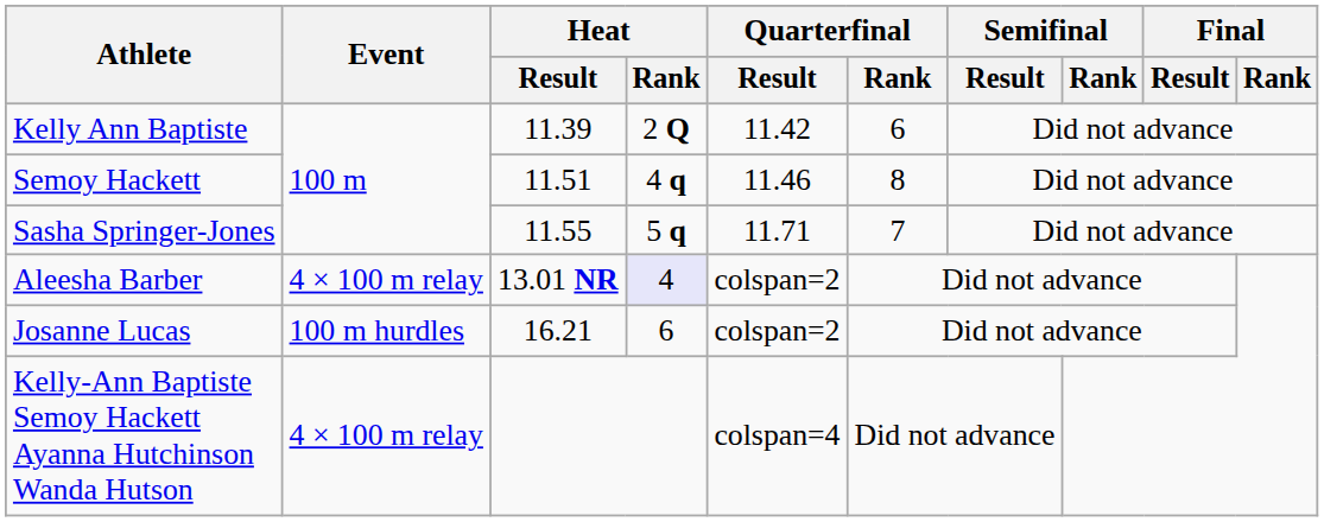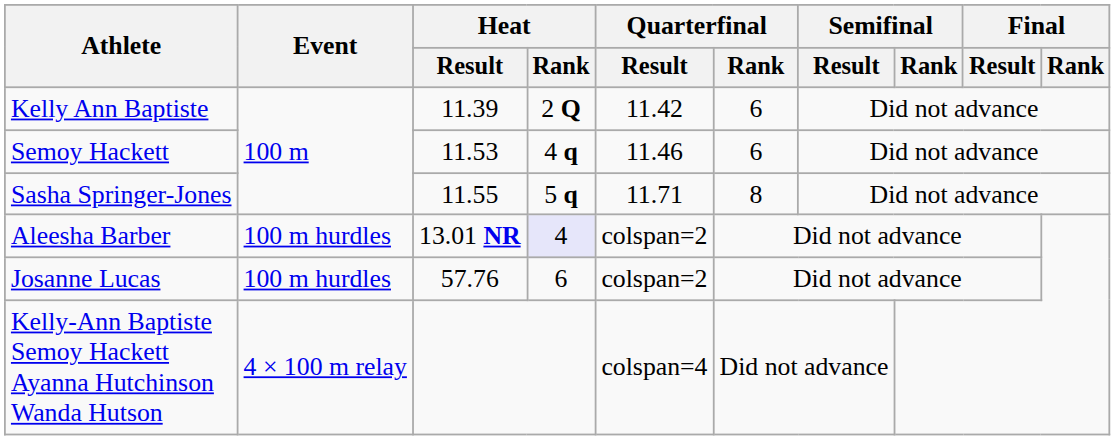 <table class=wikitable style="font-size:90%">
 <tr>
 <th rowspan="2">Athlete</th>
 <th rowspan="2">Event</th>
 <th colspan="2">Heat</th>
 <th colspan="2">Quarterfinal</th>
 <th colspan="2">Semifinal</th>
 <th colspan="2">Final</th>
 </tr>
 <tr style="font-size:95%">
 <th>Result</th>
 <th>Rank</th>
 <th>Result</th>
 <th>Rank</th>
 <th>Result</th>
 <th>Rank</th>
 <th>Result</th>
 <th>Rank</th>
 </tr>
 <tr align=center>
 <td align=left><a href='#'>Kelly Ann Baptiste</a></td>
 <td align=left rowspan=3><a href='#'>100 m</a></td>
 <td>11.39</td>
 <td>2 <strong>Q</strong></td>
 <td>11.42</td>
 <td>6</td>
 <td colspan=4>Did not advance</td>
 </tr>
 <tr align=center>
 <td align=left><a href='#'>Semoy Hackett</a></td>
-<td>11.51</td>
+<td>11.53</td>
 <td>4 <strong>q</strong></td>
 <td>11.46</td>
-<td>8</td>
+<td>6</td>
 <td colspan=4>Did not advance</td>
 </tr>
 <tr align=center>
 <td align=left><a href='#'>Sasha Springer-Jones</a></td>
 <td>11.55</td>
 <td>5 <strong>q</strong></td>
 <td>11.71</td>
-<td>7</td>
+<td>8</td>
 <td colspan=4>Did not advance</td>
 </tr>
 <tr align=center>
 <td align=left><a href='#'>Aleesha Barber</a></td>
-<td align=left><a href='#'>4 × 100 m relay</a></td>
+<td align=left><a href='#'>100 m hurdles</a></td>
 <td>13.01 <strong><a href='#'>NR</a></strong></td>
 <td style="background: lavender;">4</td>
 <td>colspan=2 </td>
 <td colspan=4>Did not advance</td>
 </tr>
 <tr align=center>
 <td align=left><a href='#'>Josanne Lucas</a></td>
 <td align=left><a href='#'>100 m hurdles</a></td>
-<td>16.21</td>
+<td>57.76</td>
 <td>6</td>
 <td>colspan=2 </td>
 <td colspan=4>Did not advance</td>
 </tr>
 <tr align=center>
 <td align=left><a href='#'>Kelly-Ann Baptiste</a><br><a href='#'>Semoy Hackett</a><br><a href='#'>Ayanna Hutchinson</a><br><a href='#'>Wanda Hutson</a></td>
 <td align=left><a href='#'>4 × 100 m relay</a></td>
 <td colspan=2></td>
 <td>colspan=4 </td>
 <td colspan=2>Did not advance</td>
 </tr>
 </table>
